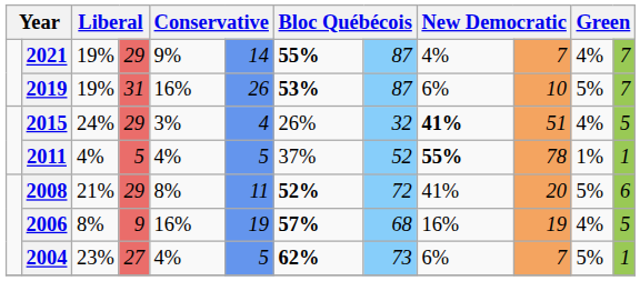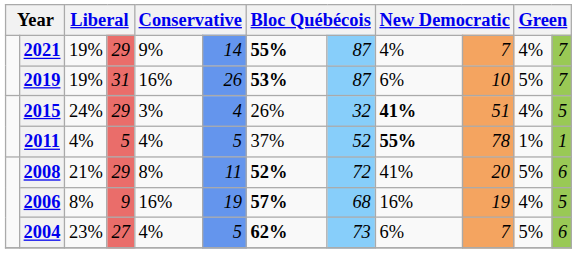 <table class="wikitable" style="width:400; font-size:90%; margin-left:1em;">
 <tr>
 <th colspan="2" scope="col">Year</th>
 <th colspan="2" scope="col"><a href='#'>Liberal</a></th>
 <th colspan="2" scope="col"><a href='#'>Conservative</a></th>
 <th colspan="2" scope="col"><a href='#'>Bloc Québécois</a></th>
 <th colspan="2" scope="col"><a href='#'>New Democratic</a></th>
 <th colspan="2" scope="col"><a href='#'>Green</a></th>
 </tr>
 <tr>
 <td rowspan="2" style="width: 0.25em; background-color: "></td>
 <th><a href='#'>2021</a></th>
 <td>19%</td>
 <td style="text-align:right; background:#EA6D6A;"><em>29</em></td>
 <td>9%</td>
 <td style="text-align:right; background:#6495ED;"><em>14</em></td>
 <td><strong>55%</strong></td>
 <td style="text-align:right; background:#87CEFA;"><em>87</em></td>
 <td>4%</td>
 <td style="text-align:right; background:#F4A460;"><em>7</em></td>
 <td>4%</td>
 <td style="text-align:right; background:#99C955;"><em>7</em></td>
 </tr>
 <tr>
 <th><a href='#'>2019</a></th>
 <td>19%</td>
 <td style="text-align:right; background:#EA6D6A;"><em>31</em></td>
 <td>16%</td>
 <td style="text-align:right; background:#6495ED;"><em>26</em></td>
 <td><strong>53%</strong></td>
 <td style="text-align:right; background:#87CEFA;"><em>87</em></td>
 <td>6%</td>
 <td style="text-align:right; background:#F4A460;"><em>10</em></td>
 <td>5%</td>
 <td style="text-align:right; background:#99C955;"><em>7</em></td>
 </tr>
 <tr>
 <td rowspan="2" style="width: 0.25em; background-color: "></td>
 <th><a href='#'>2015</a></th>
 <td>24%</td>
 <td style="text-align:right; background:#EA6D6A;"><em>29</em></td>
 <td>3%</td>
 <td style="text-align:right; background:#6495ED;"><em>4</em></td>
 <td>26%</td>
 <td style="text-align:right; background:#87CEFA;"><em>32</em></td>
 <td><strong>41%</strong></td>
 <td style="text-align:right; background:#F4A460;"><em>51</em></td>
 <td>4%</td>
 <td style="text-align:right; background:#99C955;"><em>5</em></td>
 </tr>
 <tr>
 <th><a href='#'>2011</a></th>
 <td>4%</td>
 <td style="text-align:right; background:#EA6D6A;"><em>5</em></td>
 <td>4%</td>
 <td style="text-align:right; background:#6495ED;"><em>5</em></td>
 <td>37%</td>
 <td style="text-align:right; background:#87CEFA;"><em>52</em></td>
 <td><strong>55%</strong></td>
 <td style="text-align:right; background:#F4A460;"><em>78</em></td>
 <td>1%</td>
 <td style="text-align:right; background:#99C955;"><em>1</em></td>
 </tr>
 <tr>
 <td rowspan="3" style="width: 0.25em; background-color: "></td>
 <th><a href='#'>2008</a></th>
 <td>21%</td>
 <td style="text-align:right; background:#EA6D6A;"><em>29</em></td>
 <td>8%</td>
 <td style="text-align:right; background:#6495ED;"><em>11</em></td>
 <td><strong>52%</strong></td>
 <td style="text-align:right; background:#87CEFA;"><em>72</em></td>
 <td>41%</td>
 <td style="text-align:right; background:#F4A460;"><em>20</em></td>
 <td>5%</td>
 <td style="text-align:right; background:#99C955;"><em>6</em></td>
 </tr>
 <tr>
 <th><a href='#'>2006</a></th>
 <td>8%</td>
 <td style="text-align:right; background:#EA6D6A;"><em>9</em></td>
 <td>16%</td>
 <td style="text-align:right; background:#6495ED;"><em>19</em></td>
 <td><strong>57%</strong></td>
 <td style="text-align:right; background:#87CEFA;"><em>68</em></td>
 <td>16%</td>
 <td style="text-align:right; background:#F4A460;"><em>19</em></td>
 <td>4%</td>
 <td style="text-align:right; background:#99C955;"><em>5</em></td>
 </tr>
 <tr>
 <th><a href='#'>2004</a></th>
 <td>23%</td>
 <td style="text-align:right; background:#EA6D6A;"><em>27</em></td>
 <td>4%</td>
 <td style="text-align:right; background:#6495ED;"><em>5</em></td>
 <td><strong>62%</strong></td>
 <td style="text-align:right; background:#87CEFA;"><em>73</em></td>
 <td>6%</td>
 <td style="text-align:right; background:#F4A460;"><em>7</em></td>
 <td>5%</td>
-<td style="text-align:right; background:#99C955;"><em>1</em></td>
+<td style="text-align:right; background:#99C955;"><em>6</em></td>
 </tr>
 <tr>
 </tr>
 </table>
